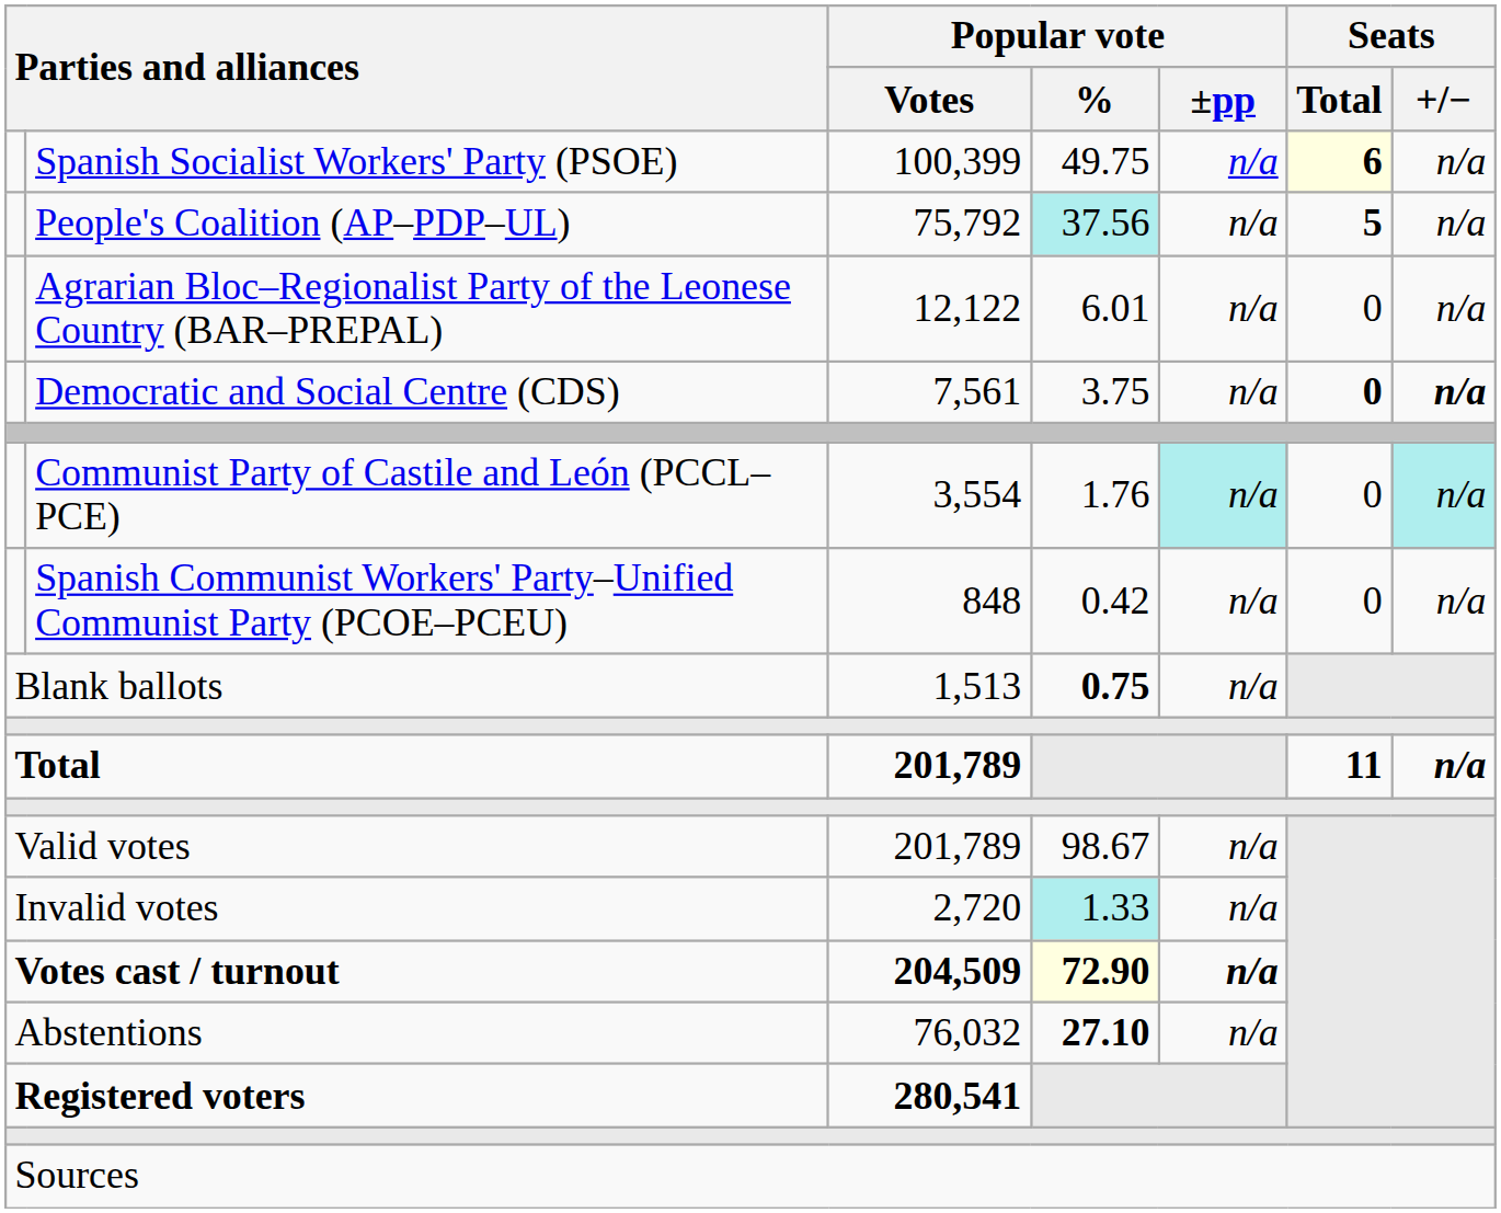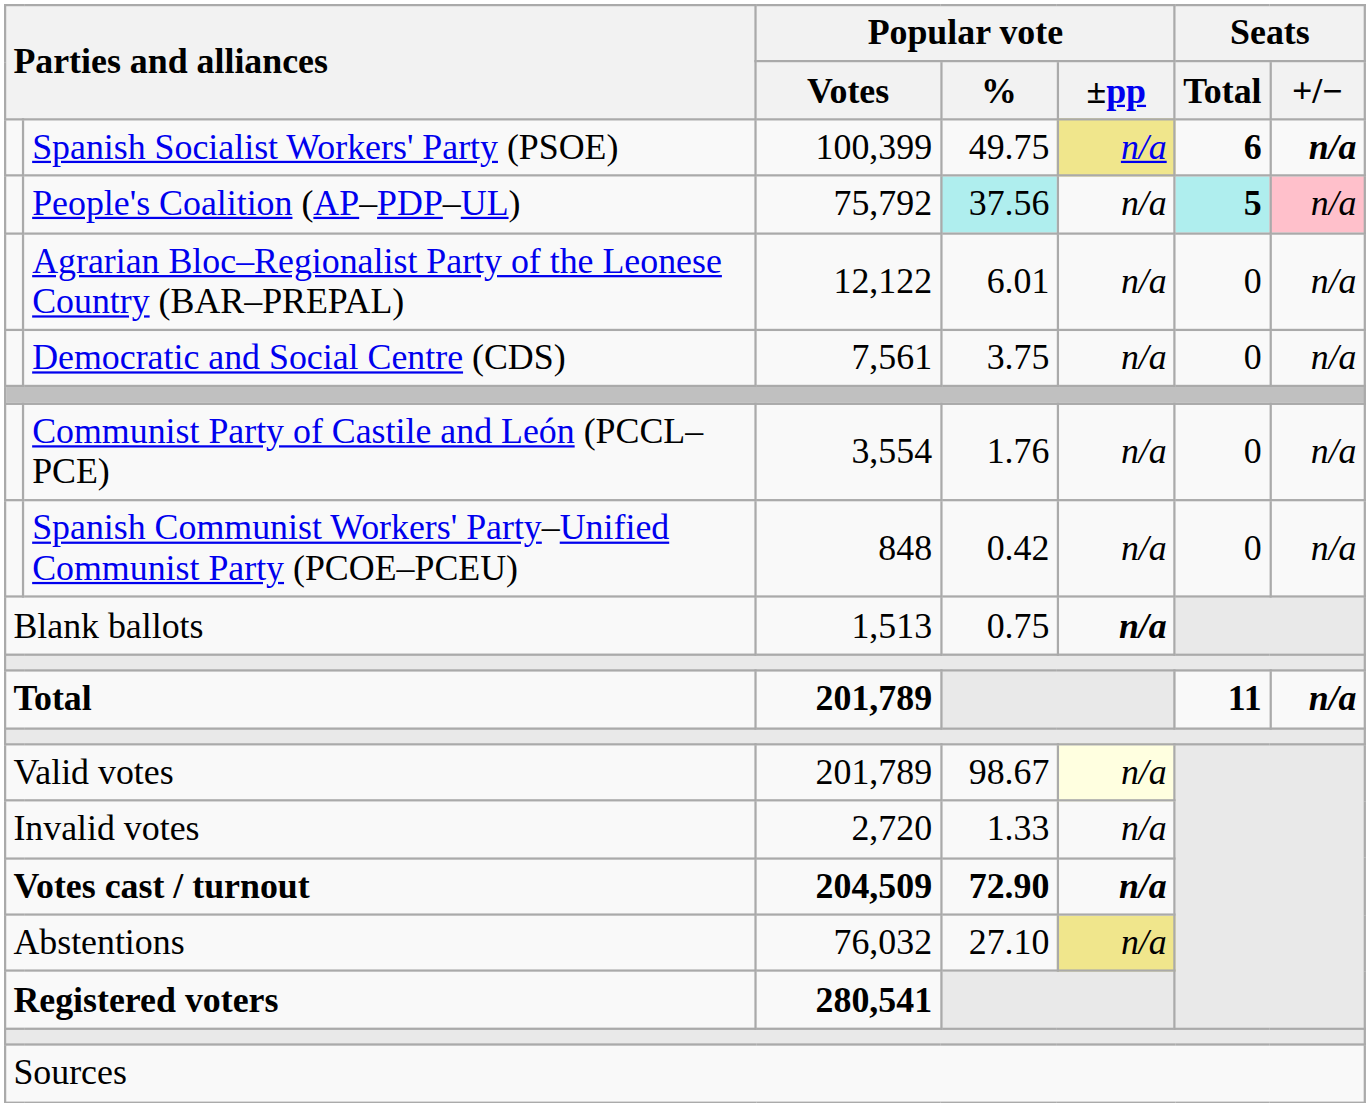 <table class="wikitable" style="text-align:right;">
 <tr>
 <th style="text-align:left;" rowspan="2" colspan="2" width="525">Parties and alliances</th>
 <th colspan="3">Popular vote</th>
 <th colspan="2">Seats</th>
 </tr>
 <tr>
 <th width="75">Votes</th>
 <th width="45">%</th>
 <th width="45">±<a href='#'>pp</a></th>
 <th width="35">Total</th>
 <th width="35">+/−</th>
 </tr>
 <tr>
 <td width="1" style="color:inherit;background:"></td>
 <td align="left"><a href='#'>Spanish Socialist Workers' Party</a> (PSOE)</td>
 <td>100,399</td>
 <td>49.75</td>
-<td><em><a href='#'>n/a</a></em></td>
-<td style="background: lightyellow;"><strong>6</strong></td>
-<td><em>n/a</em></td>
+<td style="background: khaki;"><em><a href='#'>n/a</a></em></td>
+<td><strong>6</strong></td>
+<td><strong><em>n/a</em></strong></td>
 </tr>
 <tr>
 <td style="color:inherit;background:"></td>
 <td align="left"><a href='#'>People's Coalition</a> (<a href='#'>AP</a>–<a href='#'>PDP</a>–<a href='#'>UL</a>)</td>
 <td>75,792</td>
 <td style="background: paleturquoise;">37.56</td>
 <td><em>n/a</em></td>
-<td><strong>5</strong></td>
-<td><em>n/a</em></td>
+<td style="background: paleturquoise;"><strong>5</strong></td>
+<td style="background: pink;"><em>n/a</em></td>
 </tr>
 <tr>
 <td style="color:inherit;background:"></td>
 <td align="left"><a href='#'>Agrarian Bloc–Regionalist Party of the Leonese Country</a> (BAR–PREPAL)</td>
 <td>12,122</td>
 <td>6.01</td>
 <td><em>n/a</em></td>
 <td>0</td>
 <td><em>n/a</em></td>
 </tr>
 <tr>
 <td style="color:inherit;background:"></td>
 <td align="left"><a href='#'>Democratic and Social Centre</a> (CDS)</td>
 <td>7,561</td>
 <td>3.75</td>
 <td><em>n/a</em></td>
-<td><strong>0</strong></td>
-<td><strong><em>n/a</em></strong></td>
+<td>0</td>
+<td><em>n/a</em></td>
 </tr>
 <tr>
 <td colspan="7" bgcolor="#C0C0C0"></td>
 </tr>
 <tr>
 <td style="color:inherit;background:"></td>
 <td align="left"><a href='#'>Communist Party of Castile and León</a> (PCCL–PCE)</td>
 <td>3,554</td>
 <td>1.76</td>
-<td style="background: paleturquoise;"><em>n/a</em></td>
+<td><em>n/a</em></td>
 <td>0</td>
-<td style="background: paleturquoise;"><em>n/a</em></td>
+<td><em>n/a</em></td>
 </tr>
 <tr>
 <td style="color:inherit;background:"></td>
 <td align="left"><a href='#'>Spanish Communist Workers' Party</a>–<a href='#'>Unified Communist Party</a> (PCOE–PCEU)</td>
 <td>848</td>
 <td>0.42</td>
 <td><em>n/a</em></td>
 <td>0</td>
 <td><em>n/a</em></td>
 </tr>
 <tr>
 <td align="left" colspan="2">Blank ballots</td>
 <td>1,513</td>
-<td><strong>0.75</strong></td>
-<td><em>n/a</em></td>
+<td>0.75</td>
+<td><strong><em>n/a</em></strong></td>
 <td bgcolor="#E9E9E9" colspan="2"></td>
 </tr>
 <tr>
 <td colspan="7" bgcolor="#E9E9E9"></td>
 </tr>
 <tr style="font-weight:bold;">
 <td align="left" colspan="2">Total</td>
 <td>201,789</td>
 <td bgcolor="#E9E9E9" colspan="2"></td>
 <td>11</td>
 <td><em>n/a</em></td>
 </tr>
 <tr>
 <td colspan="7" bgcolor="#E9E9E9"></td>
 </tr>
 <tr>
 <td align="left" colspan="2">Valid votes</td>
 <td>201,789</td>
 <td>98.67</td>
-<td><em>n/a</em></td>
+<td style="background: lightyellow;"><em>n/a</em></td>
 <td bgcolor="#E9E9E9" colspan="2" rowspan="5"></td>
 </tr>
 <tr>
 <td align="left" colspan="2">Invalid votes</td>
 <td>2,720</td>
-<td style="background: paleturquoise;">1.33</td>
+<td>1.33</td>
 <td><em>n/a</em></td>
 </tr>
 <tr style="font-weight:bold;">
 <td align="left" colspan="2">Votes cast / turnout</td>
 <td>204,509</td>
-<td style="background: lightyellow;">72.90</td>
+<td>72.90</td>
 <td><em>n/a</em></td>
 </tr>
 <tr>
 <td align="left" colspan="2">Abstentions</td>
 <td>76,032</td>
-<td><strong>27.10</strong></td>
-<td><em>n/a</em></td>
+<td>27.10</td>
+<td style="background: khaki;"><em>n/a</em></td>
 </tr>
 <tr style="font-weight:bold;">
 <td align="left" colspan="2">Registered voters</td>
 <td>280,541</td>
 <td bgcolor="#E9E9E9" colspan="2"></td>
 </tr>
 <tr>
 <td colspan="7" bgcolor="#E9E9E9"></td>
 </tr>
 <tr>
 <td align="left" colspan="7">Sources</td>
 </tr>
 </table>
